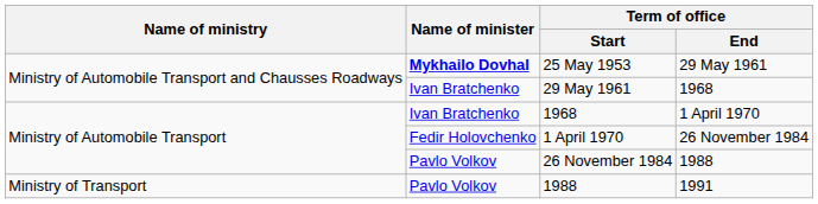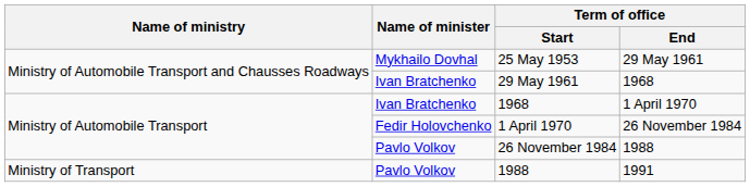 <table class="wikitable">
 <tr>
 <th rowspan="2">Name of ministry</th>
 <th rowspan="2">Name of minister</th>
 <th colspan="2">Term of office</th>
 </tr>
 <tr>
 <th>Start</th>
 <th>End</th>
 </tr>
 <tr>
 <td rowspan="2">Ministry of Automobile Transport and Chausses Roadways</td>
-<td><strong><a href='#'>Mykhailo Dovhal</a></strong></td>
+<td><a href='#'>Mykhailo Dovhal</a></td>
 <td>25 May 1953</td>
 <td>29 May 1961</td>
 </tr>
 <tr>
 <td><a href='#'>Ivan Bratchenko</a></td>
 <td>29 May 1961</td>
 <td>1968</td>
 </tr>
 <tr>
 <td rowspan="3">Ministry of Automobile Transport</td>
 <td><a href='#'>Ivan Bratchenko</a></td>
 <td>1968</td>
 <td>1 April 1970</td>
 </tr>
 <tr>
 <td><a href='#'>Fedir Holovchenko</a></td>
 <td>1 April 1970</td>
 <td>26 November 1984</td>
 </tr>
 <tr>
 <td><a href='#'>Pavlo Volkov</a></td>
 <td>26 November 1984</td>
 <td>1988</td>
 </tr>
 <tr>
 <td>Ministry of Transport</td>
 <td><a href='#'>Pavlo Volkov</a></td>
 <td>1988</td>
 <td>1991</td>
 </tr>
 </table>
